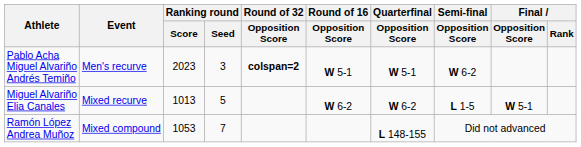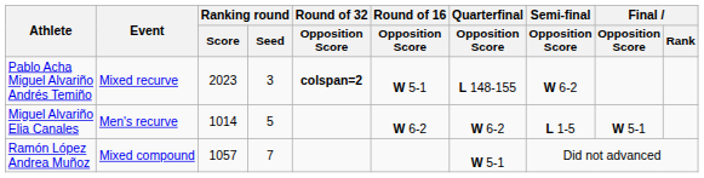 <table class=wikitable style=font-size:90%;text-align:center>
 <tr>
 <th rowspan=2>Athlete</th>
 <th rowspan=2>Event</th>
 <th colspan=2>Ranking round</th>
 <th>Round of 32</th>
 <th>Round of 16</th>
 <th>Quarterfinal</th>
 <th>Semi-final</th>
 <th colspan=2>Final / </th>
 </tr>
 <tr style=font-size:95%>
 <th>Score</th>
 <th>Seed</th>
 <th>Opposition<br>Score</th>
 <th>Opposition<br>Score</th>
 <th>Opposition<br>Score</th>
 <th>Opposition<br>Score</th>
 <th>Opposition<br>Score</th>
 <th>Rank</th>
 </tr>
 <tr>
 <td align=left><a href='#'>Pablo Acha</a><br><a href='#'>Miguel Alvariño</a><br><a href='#'>Andrés Temiño</a></td>
-<td align=left><a href='#'>Men's recurve</a></td>
+<td align=left><a href='#'>Mixed recurve</a></td>
 <td>2023</td>
 <td>3</td>
 <td><strong>colspan=2 </strong></td>
 <td><br><strong>W</strong> 5-1</td>
-<td><br><strong>W</strong> 5-1</td>
+<td><br><strong>L</strong> 148-155</td>
 <td><br> <strong>W</strong> 6-2</td>
 <td></td>
 </tr>
 <tr>
 <td align=left><a href='#'>Miguel Alvariño</a><br><a href='#'>Elia Canales</a></td>
-<td align=left><a href='#'>Mixed recurve</a></td>
-<td>1013</td>
+<td align=left><a href='#'>Men's recurve</a></td>
+<td>1014</td>
 <td>5</td>
 <td></td>
 <td><br> <strong>W</strong> 6-2</td>
 <td><br> <strong>W</strong> 6-2</td>
 <td><br><strong>L</strong> 1-5</td>
 <td><br> <strong>W</strong> 5-1</td>
 <td></td>
 </tr>
 <tr>
 <td align=left><a href='#'>Ramón López</a> <br><a href='#'>Andrea Muñoz</a></td>
 <td align=left><a href='#'>Mixed compound</a></td>
-<td>1053</td>
+<td>1057</td>
 <td>7</td>
 <td></td>
 <td></td>
-<td><br><strong>L</strong> 148-155</td>
+<td><br><strong>W</strong> 5-1</td>
 <td colspan=3>Did not advanced</td>
 </tr>
 </table>
